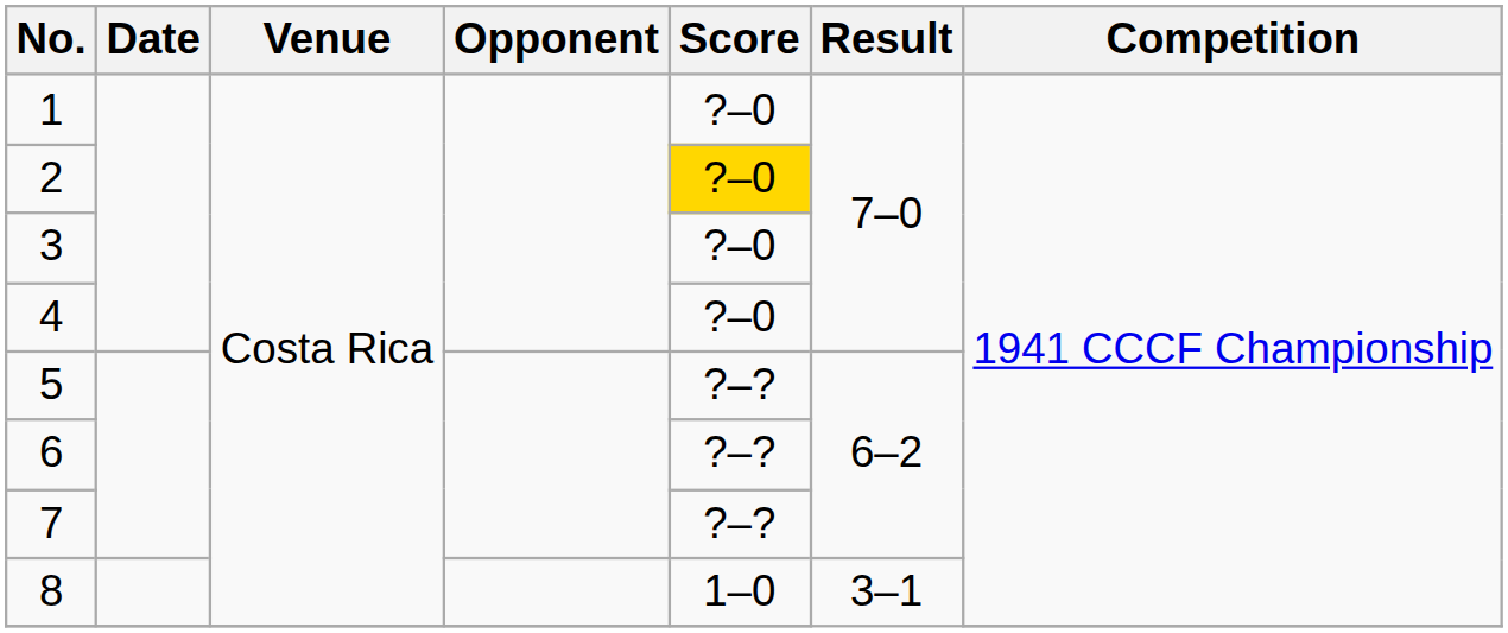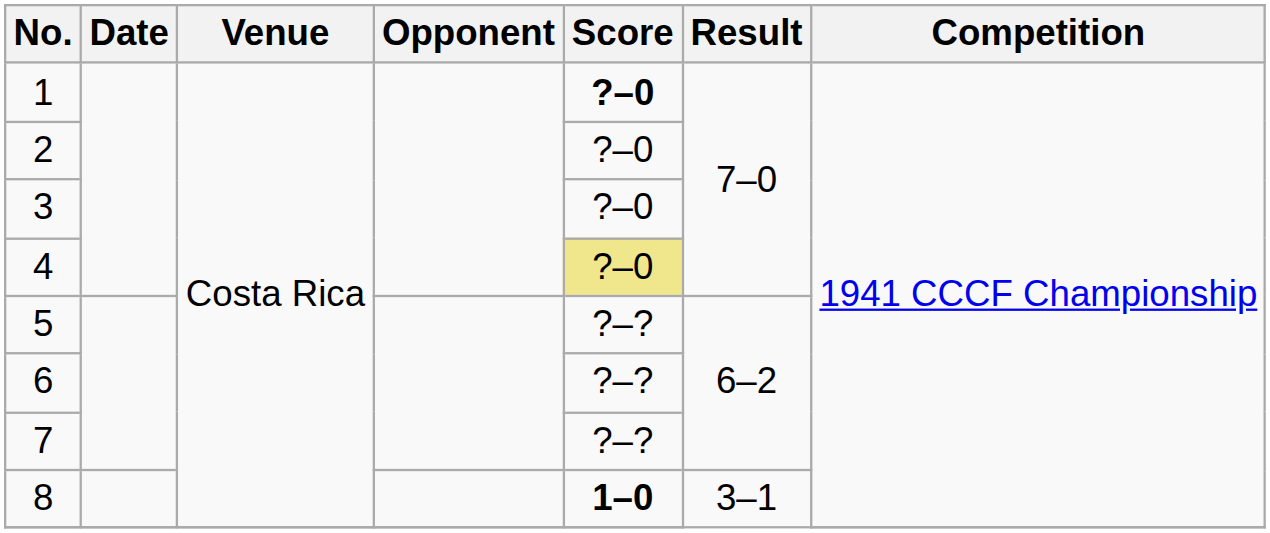 <table class="wikitable sortable">
 <tr>
 <th scope="col">No.</th>
 <th scope="col">Date</th>
 <th scope="col">Venue</th>
 <th scope="col">Opponent</th>
 <th scope="col">Score</th>
 <th scope="col">Result</th>
 <th scope="col">Competition</th>
 </tr>
 <tr>
 <td align="center">1</td>
 <td rowspan="4"></td>
 <td rowspan="8">Costa Rica</td>
 <td rowspan="4"></td>
-<td align="center">?–0</td>
+<td align="center"><strong>?–0</strong></td>
 <td align="center" rowspan="4">7–0</td>
 <td rowspan="8"><a href='#'>1941 CCCF Championship</a></td>
 </tr>
 <tr>
 <td align="center">2</td>
-<td align=center style="background: gold;">?–0</td>
+<td align=center>?–0</td>
 </tr>
 <tr>
 <td align="center">3</td>
 <td align="center">?–0</td>
 </tr>
 <tr>
 <td align="center">4</td>
-<td align="center">?–0</td>
+<td align="center" style="background: khaki;">?–0</td>
 </tr>
 <tr>
 <td align="center">5</td>
 <td rowspan="3"></td>
 <td rowspan="3"></td>
 <td align="center">?–?</td>
 <td align="center" rowspan="3">6–2</td>
 </tr>
 <tr>
 <td align="center">6</td>
 <td align=center>?–?</td>
 </tr>
 <tr>
 <td align="center">7</td>
 <td align=center>?–?</td>
 </tr>
 <tr>
 <td align="center">8</td>
 <td></td>
 <td></td>
-<td align="center">1–0</td>
+<td align="center"><strong>1–0</strong></td>
 <td align="center" rowspan="3">3–1</td>
 </tr>
 <tr>
 </tr>
 </table>
